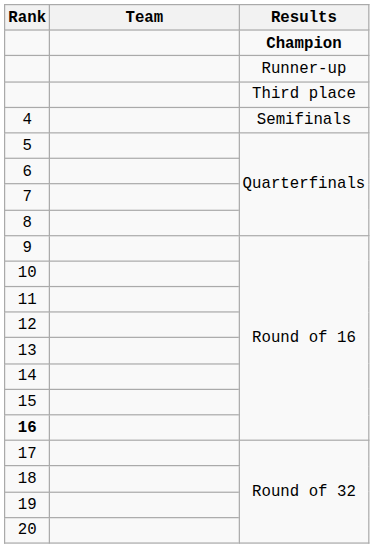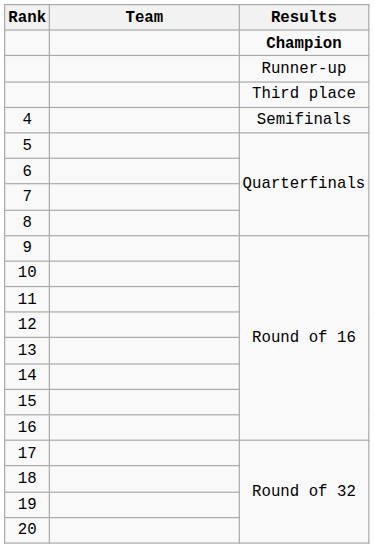 <table class="wikitable" style="text-align:center">
 <tr>
 <th width="25">Rank</th>
 <th width="150">Team</th>
 <th width="100">Results</th>
 </tr>
 <tr>
 <td></td>
 <td align="left"><strong></strong></td>
 <td><strong>Champion</strong></td>
 </tr>
 <tr>
 <td></td>
 <td align="left"></td>
 <td>Runner-up</td>
 </tr>
 <tr>
 <td></td>
 <td align="left"></td>
 <td>Third place</td>
 </tr>
 <tr>
 <td>4</td>
 <td align="left"></td>
 <td>Semifinals</td>
 </tr>
 <tr>
 <td>5</td>
 <td align="left"></td>
 <td rowspan="4">Quarterfinals</td>
 </tr>
 <tr>
 <td>6</td>
 <td align="left"></td>
 </tr>
 <tr>
 <td>7</td>
 <td align="left"></td>
 </tr>
 <tr>
 <td>8</td>
 <td align="left"></td>
 </tr>
 <tr>
 <td>9</td>
 <td align="left"></td>
 <td rowspan="8">Round of 16</td>
 </tr>
 <tr>
 <td>10</td>
 <td align="left"></td>
 </tr>
 <tr>
 <td>11</td>
 <td align="left"></td>
 </tr>
 <tr>
 <td>12</td>
 <td align="left"></td>
 </tr>
 <tr>
 <td>13</td>
 <td align="left"></td>
 </tr>
 <tr>
 <td>14</td>
 <td align="left"></td>
 </tr>
 <tr>
 <td>15</td>
 <td align="left"></td>
 </tr>
 <tr>
-<td><strong>16</strong></td>
+<td>16</td>
 <td align="left"></td>
 </tr>
 <tr>
 <td>17</td>
 <td align="left"></td>
 <td rowspan="4">Round of 32</td>
 </tr>
 <tr>
 <td>18</td>
 <td align="left"></td>
 </tr>
 <tr>
 <td>19</td>
 <td align="left"></td>
 </tr>
 <tr>
 <td>20</td>
 <td align="left"></td>
 </tr>
 </table>
